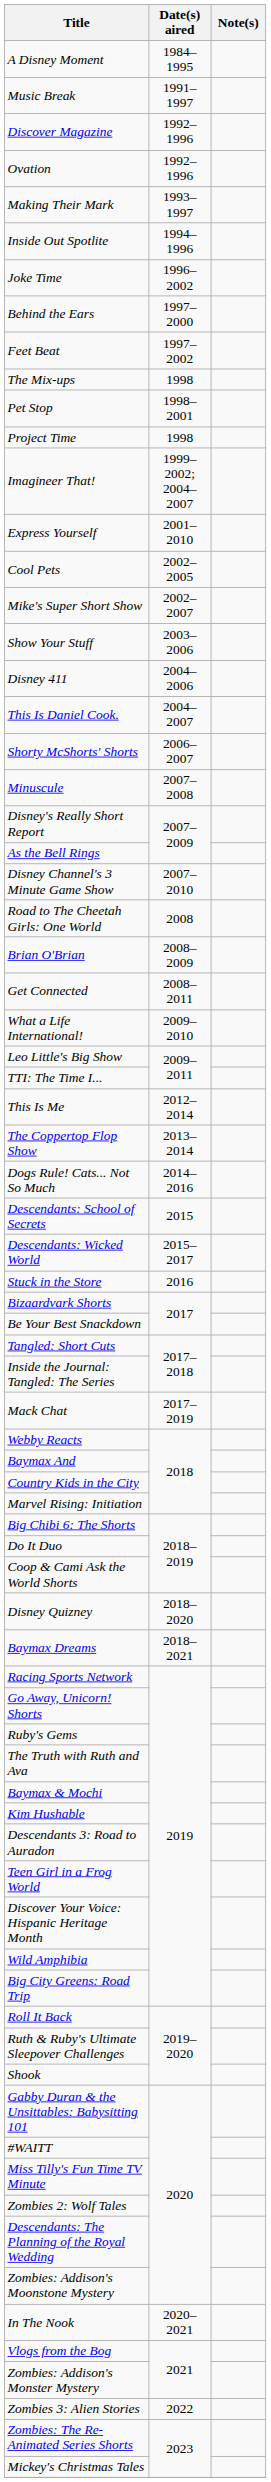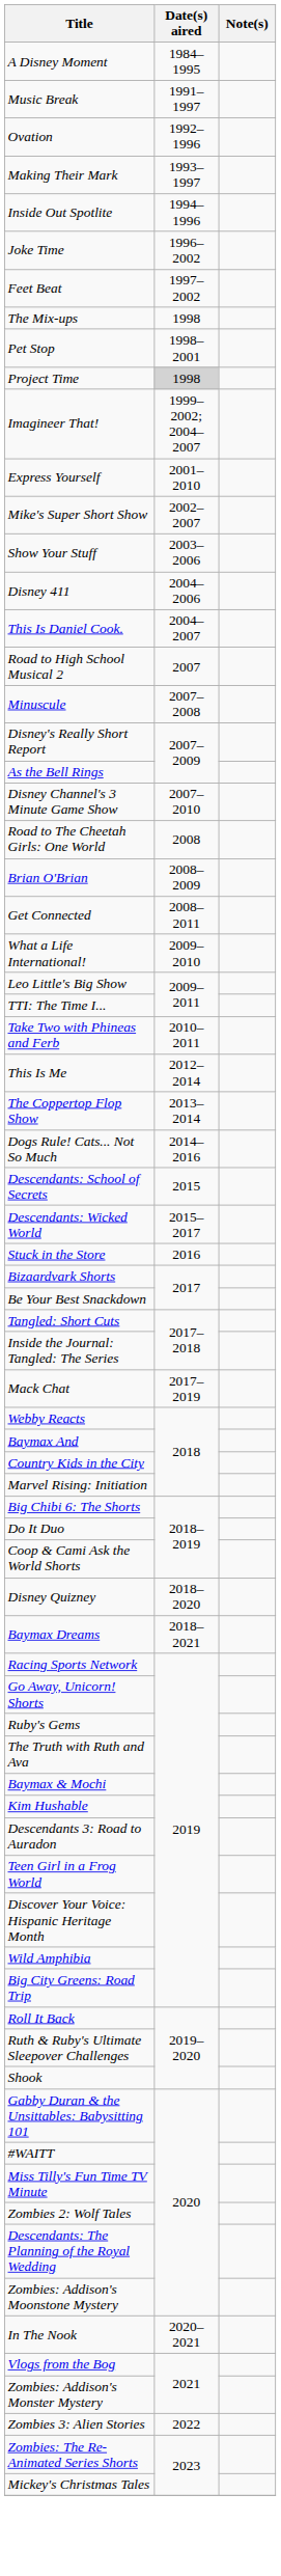 <table class="wikitable plainrowheaders sortable" style="width:50%;text-align:center;">
 <tr>
 <th scope="col" style="width:35%;">Title</th>
 <th scope="col" style="width:10%;">Date(s) aired</th>
 <th class="unsortable" style="width:5%;">Note(s)</th>
 </tr>
 <tr>
 <td scope="row" style="text-align:left;"><em>A Disney Moment</em></td>
 <td>1984–1995</td>
 <td></td>
 </tr>
 <tr>
 <td scope="row" style="text-align:left;"><em>Music Break</em></td>
 <td>1991–1997</td>
-<td></td>
-</tr>
-<tr>
-<td scope="row" style="text-align:left;"><em><a href='#'>Discover Magazine</a></em></td>
-<td>1992–1996</td>
 <td></td>
 </tr>
 <tr>
 <td scope="row" style="text-align:left;"><em>Ovation</em></td>
 <td>1992–1996</td>
 <td></td>
 </tr>
 <tr>
 <td scope="row" style="text-align:left;"><em>Making Their Mark</em></td>
 <td>1993–1997</td>
 <td></td>
 </tr>
 <tr>
 <td scope="row" style="text-align:left;"><em>Inside Out Spotlite</em></td>
 <td>1994–1996</td>
 <td></td>
 </tr>
 <tr>
 <td scope="row" style="text-align:left;"><em>Joke Time</em></td>
 <td>1996–2002</td>
 <td></td>
 </tr>
 <tr>
-<td scope="row" style="text-align:left;"><em>Behind the Ears</em></td>
-<td>1997–2000</td>
-<td></td>
-</tr>
-<tr>
 <td scope="row" style="text-align:left;"><em>Feet Beat</em></td>
 <td>1997–2002</td>
 <td></td>
 </tr>
 <tr>
 <td scope="row" style="text-align:left;"><em>The Mix-ups</em></td>
 <td>1998</td>
 <td></td>
 </tr>
 <tr>
 <td scope="row" style="text-align:left;"><em>Pet Stop</em></td>
 <td>1998–2001</td>
 <td></td>
 </tr>
 <tr>
 <td scope="row" style="text-align:left;"><em>Project Time</em></td>
-<td>1998</td>
+<td style="background: lightgrey;">1998</td>
 <td></td>
 </tr>
 <tr>
 <td scope="row" style="text-align:left;"><em>Imagineer That!</em></td>
 <td>1999–2002; 2004–2007</td>
 <td></td>
 </tr>
 <tr>
 <td scope="row" style="text-align:left;"><em>Express Yourself</em></td>
 <td>2001–2010</td>
-<td></td>
-</tr>
-<tr>
-<td scope="row" style="text-align:left;"><em>Cool Pets</em></td>
-<td>2002–2005</td>
 <td></td>
 </tr>
 <tr>
 <td scope="row" style="text-align:left;"><em>Mike's Super Short Show</em></td>
 <td>2002–2007</td>
 <td></td>
 </tr>
 <tr>
 <td scope="row" style="text-align:left;"><em>Show Your Stuff</em></td>
 <td>2003–2006</td>
 <td></td>
 </tr>
 <tr>
 <td scope="row" style="text-align:left;"><em>Disney 411</em></td>
 <td>2004–2006</td>
 <td></td>
 </tr>
 <tr>
 <td scope="row" style="text-align:left;"><em><a href='#'>This Is Daniel Cook.</a></em></td>
 <td>2004–2007</td>
 <td></td>
 </tr>
 <tr>
-<td scope="row" style="text-align:left;"><em><a href='#'>Shorty McShorts' Shorts</a></em></td>
-<td>2006–2007</td>
+<td scope="row" style="text-align:left;"><em>Road to High School Musical 2</em></td>
+<td>2007</td>
 <td></td>
 </tr>
 <tr>
 <td scope="row" style="text-align:left;"><em><a href='#'>Minuscule</a></em></td>
 <td>2007–2008</td>
 <td></td>
 </tr>
 <tr>
 <td scope="row" style="text-align:left;"><em>Disney's Really Short Report</em></td>
 <td rowspan="2">2007–2009</td>
 <td></td>
 </tr>
 <tr>
 <td scope="row" style="text-align:left;"><em><a href='#'>As the Bell Rings</a></em></td>
 <td></td>
 </tr>
 <tr>
 <td scope="row" style="text-align:left;"><em>Disney Channel's 3 Minute Game Show</em></td>
 <td>2007–2010</td>
 <td></td>
 </tr>
 <tr>
 <td scope="row" style="text-align:left;"><em>Road to The Cheetah Girls: One World</em></td>
 <td>2008</td>
 <td></td>
 </tr>
 <tr>
 <td scope="row" style="text-align:left;"><em><a href='#'>Brian O'Brian</a></em></td>
 <td>2008–2009</td>
 <td></td>
 </tr>
 <tr>
 <td scope="row" style="text-align:left;"><em>Get Connected</em></td>
 <td>2008–2011</td>
 <td></td>
 </tr>
 <tr>
 <td scope="row" style="text-align:left;"><em>What a Life International!</em></td>
 <td>2009–2010</td>
 <td></td>
 </tr>
 <tr>
 <td scope="row" style="text-align:left;"><em>Leo Little's Big Show</em></td>
 <td rowspan="2">2009–2011</td>
 <td></td>
 </tr>
 <tr>
 <td scope="row" style="text-align:left;"><em>TTI: The Time I...</em></td>
+<td></td>
+</tr>
+<tr>
+<td scope="row" style="text-align:left;"><em><a href='#'>Take Two with Phineas and Ferb</a></em></td>
+<td>2010–2011</td>
 <td></td>
 </tr>
 <tr>
 <td scope="row" style="text-align:left;"><em>This Is Me</em></td>
 <td>2012–2014</td>
 <td></td>
 </tr>
 <tr>
 <td scope="row" style="text-align:left;"><em><a href='#'>The Coppertop Flop Show</a></em></td>
 <td>2013–2014</td>
 <td></td>
 </tr>
 <tr>
 <td scope="row" style="text-align:left;"><em>Dogs Rule! Cats... Not So Much</em></td>
 <td>2014–2016</td>
 <td></td>
 </tr>
 <tr>
 <td scope="row" style="text-align:left;"><em><a href='#'>Descendants: School of Secrets</a></em></td>
 <td>2015</td>
 <td></td>
 </tr>
 <tr>
 <td scope="row" style="text-align:left;"><em><a href='#'>Descendants: Wicked World</a></em></td>
 <td>2015–2017</td>
 <td></td>
 </tr>
 <tr>
 <td scope="row" style="text-align:left;"><em><a href='#'>Stuck in the Store</a></em></td>
 <td>2016</td>
 <td></td>
 </tr>
 <tr>
 <td scope="row" style="text-align:left;"><em><a href='#'>Bizaardvark Shorts</a></em></td>
 <td rowspan="2">2017</td>
 <td></td>
 </tr>
 <tr>
 <td scope="row" style="text-align:left;"><em>Be Your Best Snackdown</em></td>
 <td></td>
 </tr>
 <tr>
 <td scope="row" style="text-align:left;"><em><a href='#'>Tangled: Short Cuts</a></em></td>
 <td rowspan="2">2017–2018</td>
 <td></td>
 </tr>
 <tr>
 <td scope="row" style="text-align:left;"><em>Inside the Journal: Tangled: The Series</em></td>
 <td></td>
 </tr>
 <tr>
 <td scope="row" style="text-align:left;"><em>Mack Chat</em></td>
 <td>2017–2019</td>
 <td></td>
 </tr>
 <tr>
 <td scope="row" style="text-align:left;"><em><a href='#'>Webby Reacts</a></em></td>
 <td rowspan="4">2018</td>
 <td></td>
 </tr>
 <tr>
 <td scope="row" style="text-align:left;"><em><a href='#'>Baymax And</a></em></td>
 <td></td>
 </tr>
 <tr>
 <td scope="row" style="text-align:left;"><em><a href='#'>Country Kids in the City</a></em></td>
 <td></td>
 </tr>
 <tr>
 <td scope="row" style="text-align:left;"><em>Marvel Rising: Initiation</em></td>
 <td></td>
 </tr>
 <tr>
 <td scope="row" style="text-align:left;"><em><a href='#'>Big Chibi 6: The Shorts</a></em></td>
 <td rowspan="3">2018–2019</td>
 <td></td>
 </tr>
 <tr>
 <td scope="row" style="text-align:left;"><em>Do It Duo</em></td>
 <td></td>
 </tr>
 <tr>
 <td scope="row" style="text-align:left;"><em>Coop & Cami Ask the World Shorts</em></td>
 <td></td>
 </tr>
 <tr>
 <td scope="row" style="text-align:left;"><em>Disney Quizney</em></td>
 <td>2018–2020</td>
 <td></td>
 </tr>
 <tr>
 <td scope="row" style="text-align:left;"><em><a href='#'>Baymax Dreams</a></em></td>
 <td>2018–2021</td>
 <td></td>
 </tr>
 <tr>
 <td scope="row" style="text-align:left;"><em><a href='#'>Racing Sports Network</a></em></td>
 <td rowspan="11">2019</td>
 <td></td>
 </tr>
 <tr>
 <td scope="row" style="text-align:left;"><em><a href='#'>Go Away, Unicorn! Shorts</a></em></td>
 <td></td>
 </tr>
 <tr>
 <td scope="row" style="text-align:left;"><em>Ruby's Gems</em></td>
 <td></td>
 </tr>
 <tr>
 <td scope="row" style="text-align:left;"><em>The Truth with Ruth and Ava</em></td>
 <td></td>
 </tr>
 <tr>
 <td scope="row" style="text-align:left;"><em><a href='#'>Baymax & Mochi</a></em></td>
 <td></td>
 </tr>
 <tr>
 <td scope="row" style="text-align:left;"><em><a href='#'>Kim Hushable</a></em></td>
 <td></td>
 </tr>
 <tr>
 <td scope="row" style="text-align:left;"><em>Descendants 3: Road to Auradon</em></td>
 <td></td>
 </tr>
 <tr>
 <td scope="row" style="text-align:left;"><em><a href='#'>Teen Girl in a Frog World</a></em></td>
 </tr>
 <tr>
 <td scope="row" style="text-align:left;"><em>Discover Your Voice: Hispanic Heritage Month</em></td>
 <td></td>
 </tr>
 <tr>
 <td scope="row" style="text-align:left;"><em><a href='#'>Wild Amphibia</a></em></td>
 </tr>
 <tr>
 <td scope="row" style="text-align:left;"><em><a href='#'>Big City Greens: Road Trip</a></em></td>
 <td></td>
 </tr>
 <tr>
 <td scope="row" style="text-align:left;"><em><a href='#'>Roll It Back</a></em></td>
 <td rowspan="3">2019–2020</td>
 <td></td>
 </tr>
 <tr>
 <td scope="row" style="text-align:left;"><em>Ruth & Ruby's Ultimate Sleepover Challenges</em></td>
 <td></td>
 </tr>
 <tr>
 <td scope="row" style="text-align:left;"><em>Shook</em></td>
 <td></td>
 </tr>
 <tr>
 <td scope="row" style="text-align:left;"><em><a href='#'>Gabby Duran & the Unsittables: Babysitting 101</a></em></td>
 <td rowspan="6">2020</td>
 <td></td>
 </tr>
 <tr>
 <td scope="row" style="text-align:left;"><em>#WAITT</em></td>
 <td></td>
 </tr>
 <tr>
 <td scope="row" style="text-align:left;:"><em><a href='#'>Miss Tilly's Fun Time TV Minute</a></em></td>
 <td></td>
 </tr>
 <tr>
 <td scope="row" style="text-align:left;"><em>Zombies 2: Wolf Tales</em></td>
 <td></td>
 </tr>
 <tr>
 <td scope="row" style="text-align:left;"><em><a href='#'>Descendants: The Planning of the Royal Wedding</a></em></td>
 <td></td>
 </tr>
 <tr>
 <td scope="row" style="text-align:left;"><em>Zombies: Addison's Moonstone Mystery</em></td>
 <td></td>
 </tr>
 <tr>
 <td scope="row" style="text-align:left;"><em>In The Nook</em></td>
 <td>2020–2021</td>
 <td></td>
 </tr>
 <tr>
 <td scope="row" style="text-align:left;"><em><a href='#'>Vlogs from the Bog</a></em></td>
 <td rowspan="2">2021</td>
 <td></td>
 </tr>
 <tr>
 <td scope="row" style="text-align:left;"><em>Zombies: Addison's Monster Mystery</em></td>
 <td></td>
 </tr>
 <tr>
 <td scope="row" style="text-align:left;"><em>Zombies 3: Alien Stories</em></td>
 <td>2022</td>
 <td></td>
 </tr>
 <tr>
 <td scope="row" style="text-align:left;"><em><a href='#'>Zombies: The Re-Animated Series Shorts</a></em></td>
 <td rowspan="2">2023</td>
 <td></td>
 </tr>
 <tr>
 <td scope="row" style="text-align:left;"><em>Mickey's Christmas Tales</em></td>
 <td></td>
 </tr>
 <tr>
 </tr>
 </table>
